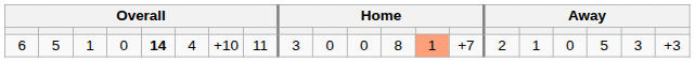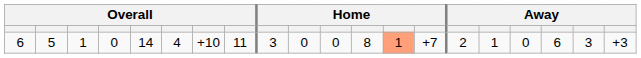 <table class="wikitable" style="text-align: center;">
 <tr>
 <th colspan=8 style="border-right:3px solid grey;">Overall</th>
 <th colspan=6 style="border-right:3px solid grey;">Home</th>
 <th colspan=6>Away</th>
 </tr>
 <tr>
 <th width=30></th>
 <th width=30></th>
 <th width=30></th>
 <th width=30></th>
 <th width=30></th>
 <th width=30></th>
 <th width=30></th>
 <th width=30 style="border-right:3px solid grey;"></th>
 <th width=30></th>
 <th width=30></th>
 <th width=30></th>
 <th width=30></th>
 <th width=30></th>
 <th width=30 style="border-right:3px solid grey;"></th>
 <th width=30></th>
 <th width=30></th>
 <th width=30></th>
 <th width=30></th>
 <th width=30></th>
 <th width=30></th>
 </tr>
 <tr>
 <td>6</td>
 <td>5</td>
 <td>1</td>
 <td>0</td>
-<td><strong>14</strong></td>
+<td>14</td>
 <td>4</td>
 <td>+10</td>
 <td width=30 style="border-right:3px solid grey;">11</td>
 <td>3</td>
 <td>0</td>
 <td>0</td>
 <td>8</td>
 <td style="background: lightsalmon;">1</td>
 <td width=30 style="border-right:3px solid grey;">+7</td>
 <td>2</td>
 <td>1</td>
 <td>0</td>
-<td>5</td>
+<td>6</td>
 <td>3</td>
 <td>+3</td>
 </tr>
 </table>
